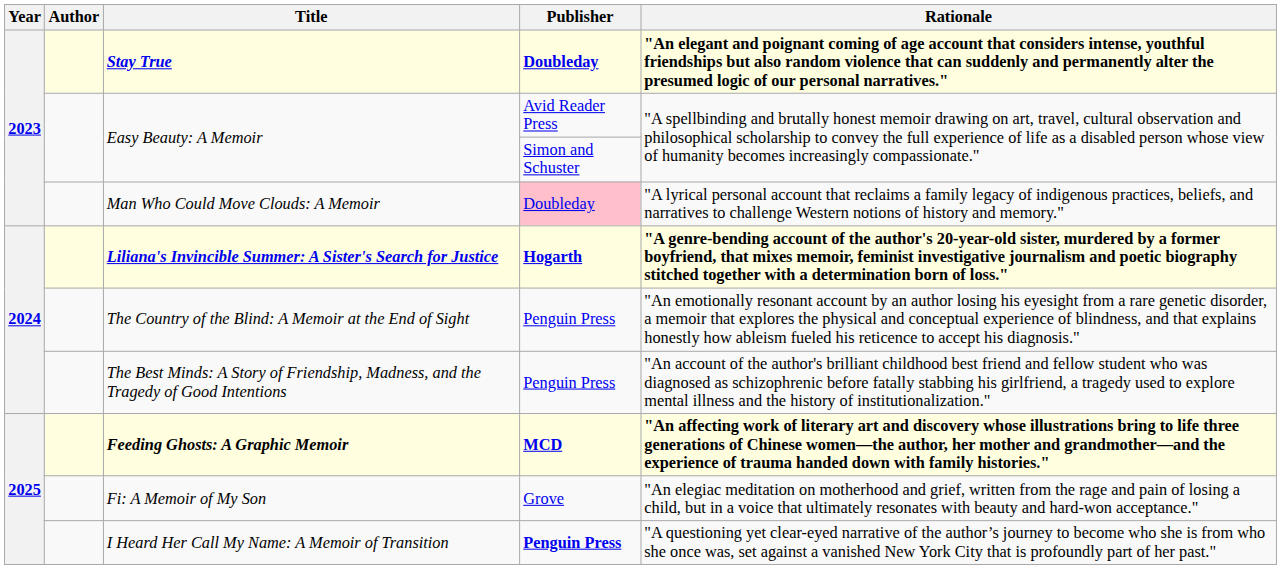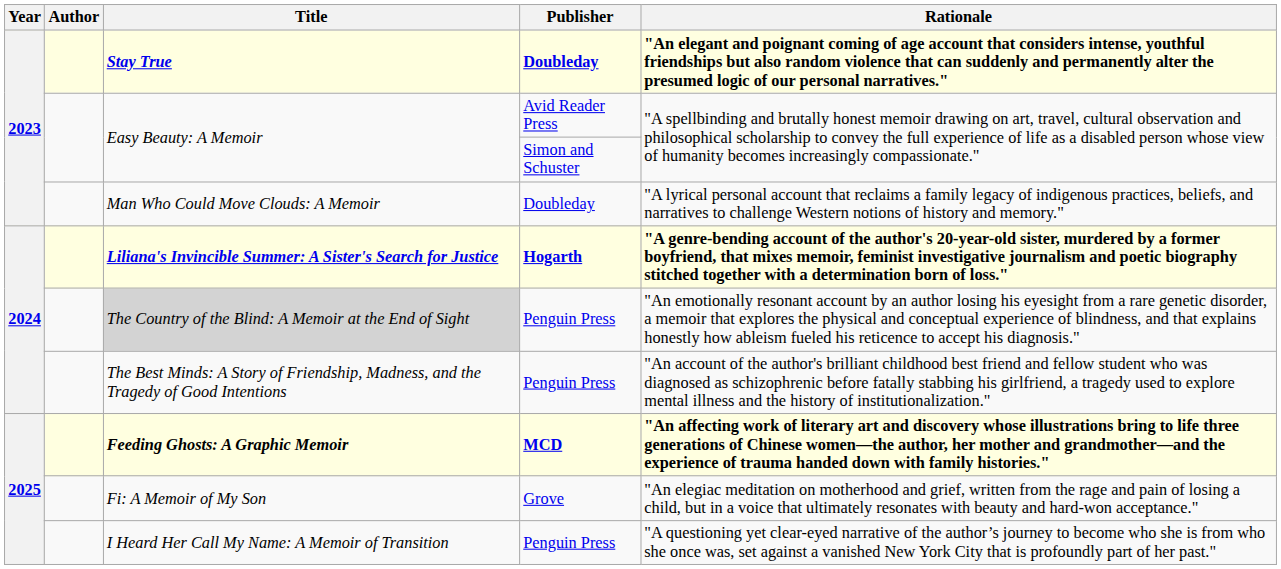 <table class="wikitable sortable mw-collapsible">
 <tr>
 <th>Year</th>
 <th>Author</th>
 <th>Title</th>
 <th>Publisher</th>
 <th width=50%>Rationale</th>
 </tr>
 <tr style="background-color:lightyellow;">
 <th rowspan=4><strong><a href='#'>2023</a></strong></th>
 <td><strong></strong></td>
 <td><strong><em><a href='#'>Stay True</a></em></strong></td>
 <td><strong><a href='#'>Doubleday</a></strong></td>
 <td><strong>"An elegant and poignant coming of age account that considers intense, youthful friendships but also random violence that can suddenly and permanently alter the presumed logic of our personal narratives."</strong></td>
 </tr>
 <tr>
 <td rowspan=2></td>
 <td rowspan=2><em>Easy Beauty: A Memoir</em></td>
 <td><a href='#'>Avid Reader Press</a></td>
 <td rowspan=2>"A spellbinding and brutally honest memoir drawing on art, travel, cultural observation and philosophical scholarship to convey the full experience of life as a disabled person whose view of humanity becomes increasingly compassionate."</td>
 </tr>
 <tr>
 <td><a href='#'>Simon and Schuster</a></td>
 </tr>
 <tr>
 <td></td>
 <td><em>Man Who Could Move Clouds: A Memoir</em></td>
-<td style="background: pink;"><a href='#'>Doubleday</a></td>
+<td><a href='#'>Doubleday</a></td>
 <td>"A lyrical personal account that reclaims a family legacy of indigenous practices, beliefs, and narratives to challenge Western notions of history and memory."</td>
 </tr>
 <tr style="background-color:lightyellow;">
 <th rowspan=3><strong><a href='#'>2024</a></strong></th>
 <td><strong></strong></td>
 <td><strong><em><a href='#'>Liliana's Invincible Summer: A Sister's Search for Justice</a></em></strong></td>
 <td><strong><a href='#'>Hogarth</a></strong></td>
 <td><strong>"A genre-bending account of the author's 20-year-old sister, murdered by a former boyfriend, that mixes memoir, feminist investigative journalism and poetic biography stitched together with a determination born of loss."</strong></td>
 </tr>
 <tr>
 <td></td>
-<td><em>The Country of the Blind: A Memoir at the End of Sight</em></td>
+<td style="background: lightgrey;"><em>The Country of the Blind: A Memoir at the End of Sight</em></td>
 <td><a href='#'>Penguin Press</a></td>
 <td>"An emotionally resonant account by an author losing his eyesight from a rare genetic disorder, a memoir that explores the physical and conceptual experience of blindness, and that explains honestly how ableism fueled his reticence to accept his diagnosis."</td>
 </tr>
 <tr>
 <td></td>
 <td><em>The Best Minds: A Story of Friendship, Madness, and the Tragedy of Good Intentions</em></td>
 <td><a href='#'>Penguin Press</a></td>
 <td>"An account of the author's brilliant childhood best friend and fellow student who was diagnosed as schizophrenic before fatally stabbing his girlfriend, a tragedy used to explore mental illness and the history of institutionalization."</td>
 </tr>
 <tr style="background-color:lightyellow;">
 <th rowspan=3><strong><a href='#'>2025</a></strong></th>
 <td><strong></strong></td>
 <td><strong><em>Feeding Ghosts: A Graphic Memoir</em></strong></td>
 <td><strong><a href='#'>MCD</a></strong></td>
 <td><strong>"An affecting work of literary art and discovery whose illustrations bring to life three generations of Chinese women—the author, her mother and grandmother—and the experience of trauma handed down with family histories."</strong></td>
 </tr>
 <tr>
 <td></td>
 <td><em>Fi: A Memoir of My Son</em></td>
 <td><a href='#'>Grove</a></td>
 <td>"An elegiac meditation on motherhood and grief, written from the rage and pain of losing a child, but in a voice that ultimately resonates with beauty and hard-won acceptance."</td>
 </tr>
 <tr>
 <td></td>
 <td><em>I Heard Her Call My Name: A Memoir of Transition</em></td>
-<td><strong><a href='#'>Penguin Press</a></strong></td>
+<td><a href='#'>Penguin Press</a></td>
 <td>"A questioning yet clear-eyed narrative of the author’s journey to become who she is from who she once was, set against a vanished New York City that is profoundly part of her past."</td>
 </tr>
 </table>
